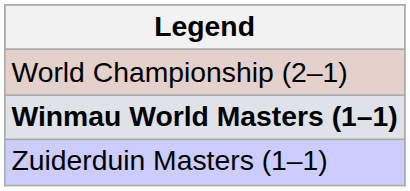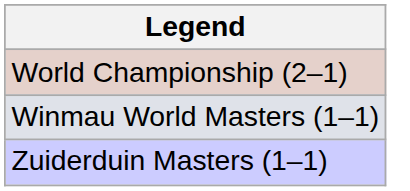 <table class="wikitable">
 <tr>
 <th>Legend</th>
 </tr>
 <tr style="background:#e5d1cb;">
 <td>World Championship (2–1)</td>
 </tr>
 <tr style="background:#dfe2e9;">
-<td><strong>Winmau World Masters (1–1)</strong></td>
+<td>Winmau World Masters (1–1)</td>
 </tr>
 <tr style="background:#ccf;">
 <td>Zuiderduin Masters (1–1)</td>
 </tr>
 </table>
